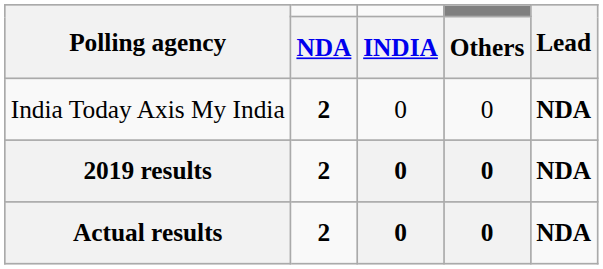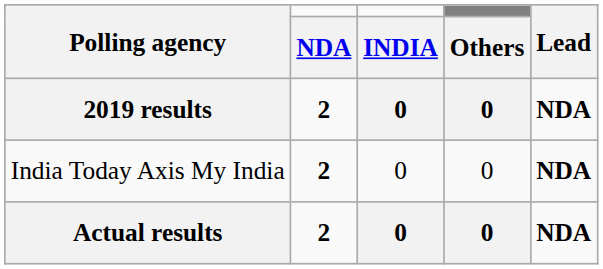 <table class="wikitable" style="text-align:center;font-size:95%;line-height:30px;">
 <tr>
 <th rowspan="2" class="wikitable">Polling agency</th>
 <td></td>
 <td></td>
 <td style="background:grey;"></td>
 <th rowspan="2">Lead</th>
 </tr>
 <tr>
 <th class="wikitable"><a href='#'>NDA</a></th>
 <th class="wikitable"><a href='#'>INDIA</a></th>
 <th class="wikitable">Others</th>
 </tr>
 <tr>
+<th>2019 results</th>
+<td bgcolor=><strong>2</strong></td>
+<th>0</th>
+<th>0</th>
+<td bgcolor=><strong>NDA</strong></td>
+</tr>
+<tr>
 <td>India Today Axis My India</td>
 <td bgcolor=><strong>2</strong></td>
 <td>0</td>
 <td>0</td>
-<td bgcolor=><strong>NDA</strong></td>
-</tr>
-<tr>
-<th>2019 results</th>
-<td bgcolor=><strong>2</strong></td>
-<th>0</th>
-<th>0</th>
 <td bgcolor=><strong>NDA</strong></td>
 </tr>
 <tr>
 <th>Actual results</th>
 <td bgcolor=><strong>2</strong></td>
 <th>0</th>
 <th>0</th>
 <td bgcolor=><strong>NDA</strong></td>
 </tr>
 </table>
